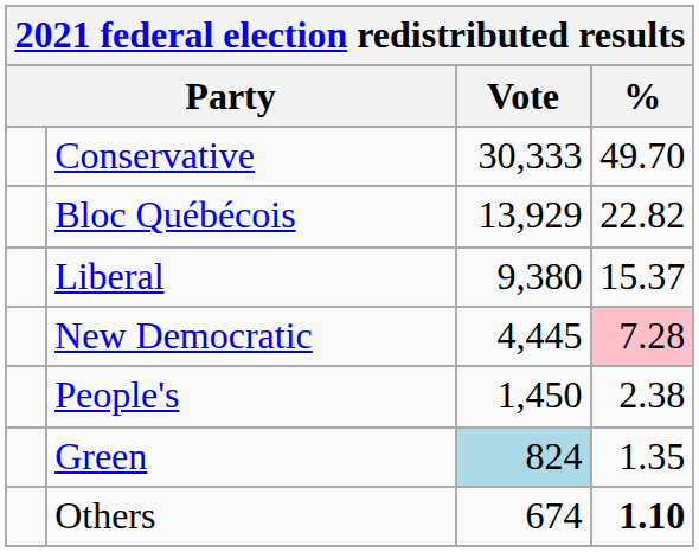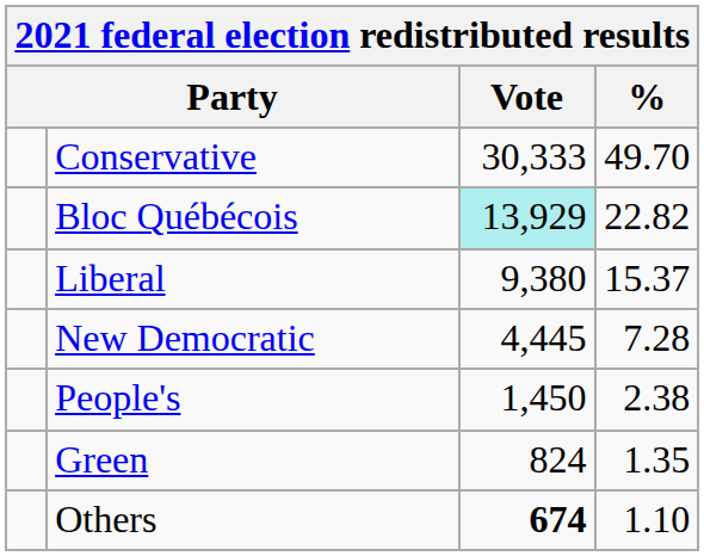 <table class="wikitable">
 <tr>
 <th colspan="4"><a href='#'>2021 federal election</a> redistributed results</th>
 </tr>
 <tr>
 <th bgcolor="#DDDDFF" width="130px" colspan="2">Party</th>
 <th bgcolor="#DDDDFF" width="50px">Vote</th>
 <th bgcolor="#DDDDFF" width="30px">%</th>
 </tr>
 <tr>
 <td> </td>
 <td><a href='#'>Conservative</a></td>
 <td align=right>30,333</td>
 <td align=right>49.70</td>
 </tr>
 <tr>
 <td> </td>
 <td><a href='#'>Bloc Québécois</a></td>
-<td align=right>13,929</td>
+<td align=right style="background: paleturquoise;">13,929</td>
 <td align=right>22.82</td>
 </tr>
 <tr>
 <td> </td>
 <td><a href='#'>Liberal</a></td>
 <td align=right>9,380</td>
 <td align=right>15.37</td>
 </tr>
 <tr>
 <td> </td>
 <td><a href='#'>New Democratic</a></td>
 <td align=right>4,445</td>
-<td align=right style="background: pink;">7.28</td>
+<td align=right>7.28</td>
 </tr>
 <tr>
 <td> </td>
 <td><a href='#'>People's</a></td>
 <td align=right>1,450</td>
 <td align=right>2.38</td>
 </tr>
 <tr>
 <td> </td>
 <td><a href='#'>Green</a></td>
-<td align=right style="background: lightblue;">824</td>
+<td align=right>824</td>
 <td align=right>1.35</td>
 </tr>
 <tr>
 <td> </td>
 <td>Others</td>
-<td align=right>674</td>
-<td align=right><strong>1.10</strong></td>
+<td align=right><strong>674</strong></td>
+<td align=right>1.10</td>
 </tr>
 </table>
